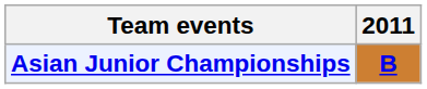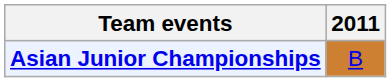 <table style='font-size: 90%; text-align:center;' class='wikitable'>
 <tr>
 <th>Team events</th>
 <th>2011</th>
 </tr>
 <tr>
 <td bgcolor="#ECF2FF"; align="left"><strong><a href='#'>Asian Junior Championships</a></strong></td>
-<td bgcolor=CD7F32><strong><a href='#'>B</a></strong></td>
+<td bgcolor=CD7F32><a href='#'>B</a></td>
 </tr>
 </table>
